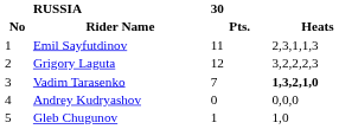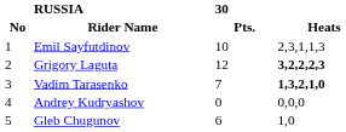 <table class="toccolours">
 <tr>
 <td></td>
 <td><strong>RUSSIA</strong></td>
 <td><strong>30</strong></td>
 </tr>
 <tr style="background-color:">
 <th width=30px>No</th>
 <th width=210px>Rider Name</th>
 <th width=70px>Pts.</th>
 <th width=110px>Heats</th>
 </tr>
 <tr style="background-color:">
 <td>1</td>
 <td><a href='#'>Emil Sayfutdinov</a></td>
-<td>11</td>
+<td>10</td>
 <td>2,3,1,1,3</td>
 </tr>
 <tr style="background-color:">
 <td>2</td>
 <td><a href='#'>Grigory Laguta</a></td>
 <td>12</td>
-<td>3,2,2,2,3</td>
+<td><strong>3,2,2,2,3</strong></td>
 </tr>
 <tr style="background-color:">
 <td>3</td>
 <td><a href='#'>Vadim Tarasenko</a></td>
 <td>7</td>
 <td><strong>1,3,2,1,0</strong></td>
 </tr>
 <tr style="background-color:">
 <td>4</td>
 <td><a href='#'>Andrey Kudryashov</a></td>
 <td>0</td>
 <td>0,0,0</td>
 </tr>
 <tr style="background-color:">
 <td>5</td>
 <td><a href='#'>Gleb Chugunov</a></td>
-<td>1</td>
+<td>6</td>
 <td>1,0</td>
 </tr>
 </table>
